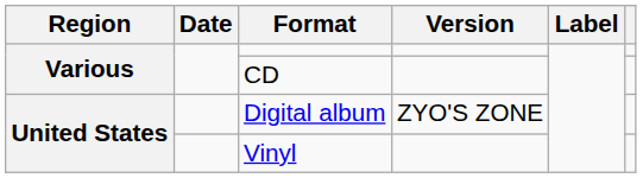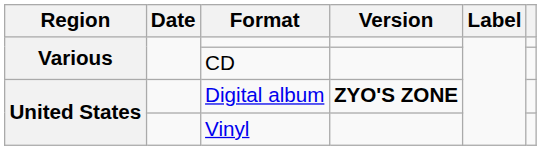 <table class="wikitable plainrowheaders">
 <tr>
 <th scope="col">Region</th>
 <th>Date</th>
 <th>Format</th>
 <th>Version</th>
 <th>Label</th>
 <th></th>
 </tr>
 <tr>
 <th rowspan="2" scope="row">Various</th>
 <td rowspan="2"></td>
 <td></td>
 <td></td>
 <td rowspan="4"></td>
 <td style="text-align:center"></td>
 </tr>
 <tr>
 <td>CD</td>
 <td></td>
 <td style="text-align:center;"></td>
 </tr>
 <tr>
 <th rowspan="2" scope="row">United States</th>
 <td></td>
 <td><a href='#'>Digital album</a></td>
-<td>ZYO'S ZONE</td>
+<td><strong>ZYO'S ZONE</strong></td>
 <td style="text-align:center;"></td>
 </tr>
 <tr>
 <td></td>
 <td><a href='#'>Vinyl</a></td>
 <td></td>
 <td style="text-align:center;"></td>
 </tr>
 </table>
